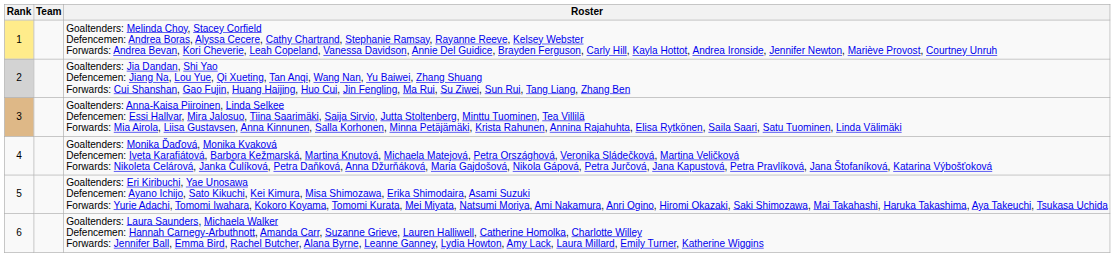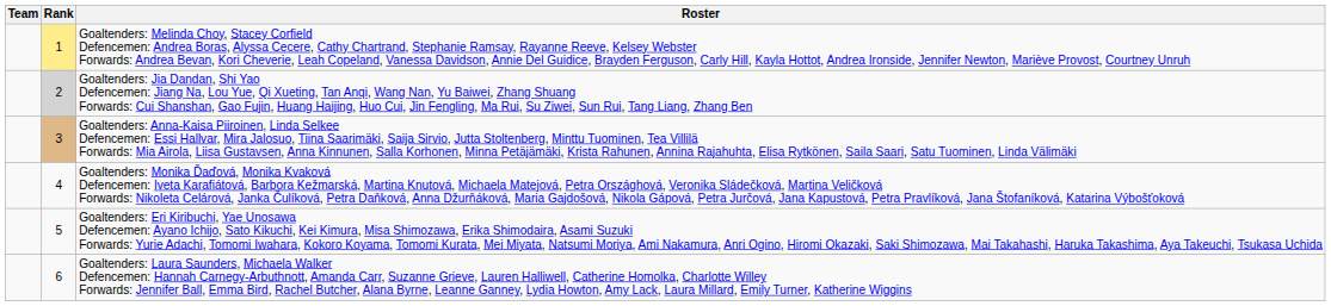 <table class="wikitable">
 <tr>
+<th>Team</th>
 <th>Rank</th>
-<th>Team</th>
 <th>Roster</th>
 </tr>
 <tr>
+<td style="white-space:nowrap;"></td>
 <td bgcolor="#FFEC8B" align="center">1</td>
-<td style="white-space:nowrap;"></td>
 <td style="text-size:90%">Goaltenders: <a href='#'>Melinda Choy</a>, <a href='#'>Stacey Corfield</a><br>Defencemen: <a href='#'>Andrea Boras</a>, <a href='#'>Alyssa Cecere</a>, <a href='#'>Cathy Chartrand</a>, <a href='#'>Stephanie Ramsay</a>, <a href='#'>Rayanne Reeve</a>, <a href='#'>Kelsey Webster</a><br>Forwards: <a href='#'>Andrea Bevan</a>, <a href='#'>Kori Cheverie</a>, <a href='#'>Leah Copeland</a>, <a href='#'>Vanessa Davidson</a>, <a href='#'>Annie Del Guidice</a>, <a href='#'>Brayden Ferguson</a>, <a href='#'>Carly Hill</a>, <a href='#'>Kayla Hottot</a>, <a href='#'>Andrea Ironside</a>, <a href='#'>Jennifer Newton</a>, <a href='#'>Mariève Provost</a>, <a href='#'>Courtney Unruh</a><br></td>
 </tr>
 <tr>
+<td style="white-space:nowrap;"></td>
 <td bgcolor="#D3D3D3" align="center">2</td>
-<td style="white-space:nowrap;"></td>
 <td style="text-size:90%">Goaltenders: <a href='#'>Jia Dandan</a>, <a href='#'>Shi Yao</a><br>Defencemen: <a href='#'>Jiang Na</a>, <a href='#'>Lou Yue</a>, <a href='#'>Qi Xueting</a>, <a href='#'>Tan Anqi</a>, <a href='#'>Wang Nan</a>, <a href='#'>Yu Baiwei</a>, <a href='#'>Zhang Shuang</a><br>Forwards: <a href='#'>Cui Shanshan</a>, <a href='#'>Gao Fujin</a>, <a href='#'>Huang Haijing</a>, <a href='#'>Huo Cui</a>, <a href='#'>Jin Fengling</a>, <a href='#'>Ma Rui</a>, <a href='#'>Su Ziwei</a>, <a href='#'>Sun Rui</a>, <a href='#'>Tang Liang</a>, <a href='#'>Zhang Ben</a><br></td>
 </tr>
 <tr>
+<td style="white-space:nowrap;"></td>
 <td bgcolor="#DEB887" align="center">3</td>
-<td style="white-space:nowrap;"></td>
 <td style="text-size:90%">Goaltenders: <a href='#'>Anna-Kaisa Piiroinen</a>, <a href='#'>Linda Selkee</a><br>Defencemen: <a href='#'>Essi Hallvar</a>, <a href='#'>Mira Jalosuo</a>, <a href='#'>Tiina Saarimäki</a>, <a href='#'>Saija Sirvio</a>, <a href='#'>Jutta Stoltenberg</a>, <a href='#'>Minttu Tuominen</a>, <a href='#'>Tea Villilä</a><br>Forwards: <a href='#'>Mia Airola</a>, <a href='#'>Liisa Gustavsen</a>, <a href='#'>Anna Kinnunen</a>, <a href='#'>Salla Korhonen</a>, <a href='#'>Minna Petäjämäki</a>, <a href='#'>Krista Rahunen</a>, <a href='#'>Annina Rajahuhta</a>, <a href='#'>Elisa Rytkönen</a>, <a href='#'>Saila Saari</a>, <a href='#'>Satu Tuominen</a>, <a href='#'>Linda Välimäki</a><br></td>
 </tr>
 <tr>
+<td style="white-space:nowrap;"></td>
 <td align="center">4</td>
-<td style="white-space:nowrap;"></td>
 <td style="text-size:90%">Goaltenders: <a href='#'>Monika Ďaďová</a>, <a href='#'>Monika Kvaková</a><br>Defencemen: <a href='#'>Iveta Karafiátová</a>, <a href='#'>Barbora Kežmarská</a>, <a href='#'>Martina Knutová</a>, <a href='#'>Michaela Matejová</a>, <a href='#'>Petra Országhová</a>, <a href='#'>Veronika Sládečková</a>, <a href='#'>Martina Veličková</a><br>Forwards: <a href='#'>Nikoleta Celárová</a>, <a href='#'>Janka Čulíková</a>, <a href='#'>Petra Daňková</a>, <a href='#'>Anna Džurňáková</a>, <a href='#'>Maria Gajdošová</a>, <a href='#'>Nikola Gápová</a>, <a href='#'>Petra Jurčová</a>, <a href='#'>Jana Kapustová</a>, <a href='#'>Petra Pravlíková</a>, <a href='#'>Jana Štofaníková</a>, <a href='#'>Katarina Výbošťoková</a><br></td>
 </tr>
 <tr>
+<td style="white-space:nowrap;"></td>
 <td align="center">5</td>
-<td style="white-space:nowrap;"></td>
 <td style="text-size:90%">Goaltenders: <a href='#'>Eri Kiribuchi</a>, <a href='#'>Yae Unosawa</a><br>Defencemen: <a href='#'>Ayano Ichijo</a>, <a href='#'>Sato Kikuchi</a>, <a href='#'>Kei Kimura</a>, <a href='#'>Misa Shimozawa</a>, <a href='#'>Erika Shimodaira</a>, <a href='#'>Asami Suzuki</a><br>Forwards: <a href='#'>Yurie Adachi</a>, <a href='#'>Tomomi Iwahara</a>, <a href='#'>Kokoro Koyama</a>, <a href='#'>Tomomi Kurata</a>, <a href='#'>Mei Miyata</a>, <a href='#'>Natsumi Moriya</a>, <a href='#'>Ami Nakamura</a>, <a href='#'>Anri Ogino</a>, <a href='#'>Hiromi Okazaki</a>, <a href='#'>Saki Shimozawa</a>, <a href='#'>Mai Takahashi</a>, <a href='#'>Haruka Takashima</a>, <a href='#'>Aya Takeuchi</a>, <a href='#'>Tsukasa Uchida</a><br></td>
 </tr>
 <tr>
+<td style="white-space:nowrap;"></td>
 <td align="center">6</td>
-<td style="white-space:nowrap;"></td>
 <td style="text-size:90%">Goaltenders: <a href='#'>Laura Saunders</a>, <a href='#'>Michaela Walker</a><br>Defencemen: <a href='#'>Hannah Carnegy-Arbuthnott</a>, <a href='#'>Amanda Carr</a>, <a href='#'>Suzanne Grieve</a>, <a href='#'>Lauren Halliwell</a>, <a href='#'>Catherine Homolka</a>, <a href='#'>Charlotte Willey</a><br>Forwards: <a href='#'>Jennifer Ball</a>, <a href='#'>Emma Bird</a>, <a href='#'>Rachel Butcher</a>, <a href='#'>Alana Byrne</a>, <a href='#'>Leanne Ganney</a>, <a href='#'>Lydia Howton</a>, <a href='#'>Amy Lack</a>, <a href='#'>Laura Millard</a>, <a href='#'>Emily Turner</a>, <a href='#'>Katherine Wiggins</a><br></td>
 </tr>
 </table>
